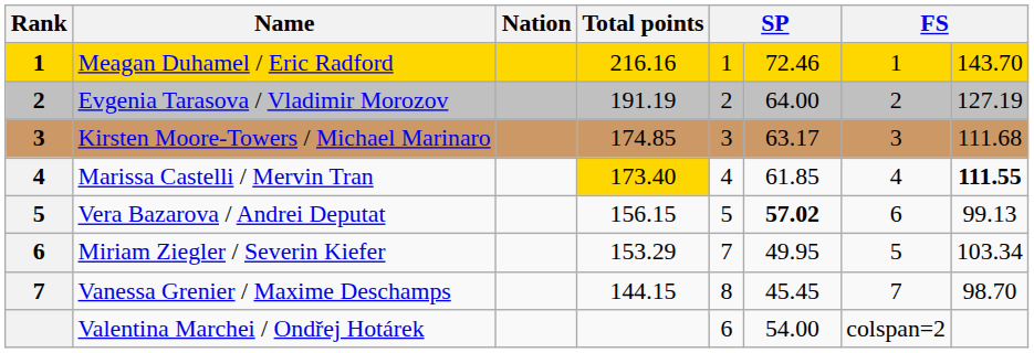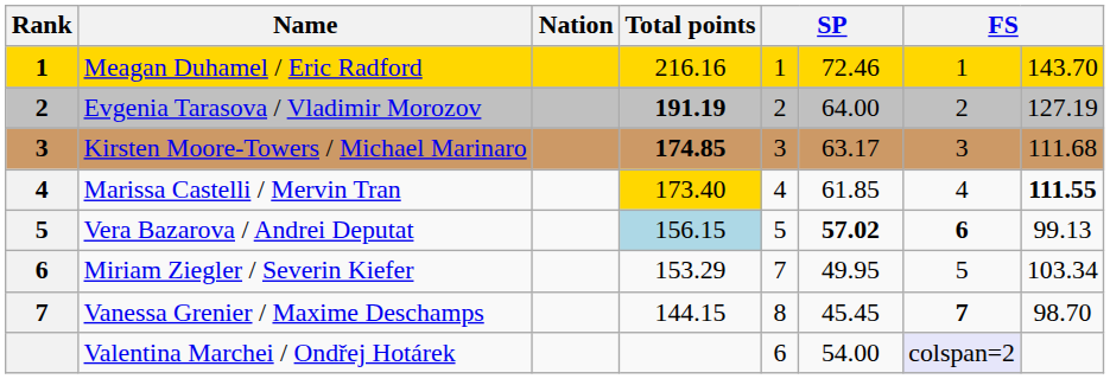 <table class="wikitable sortable">
 <tr>
 <th>Rank</th>
 <th>Name</th>
 <th>Nation</th>
 <th>Total points</th>
 <th colspan="2" width="80px"><a href='#'>SP</a></th>
 <th colspan="2" width="80px"><a href='#'>FS</a></th>
 </tr>
 <tr bgcolor="gold">
 <td align="center"><strong>1</strong></td>
 <td><a href='#'>Meagan Duhamel</a> / <a href='#'>Eric Radford</a></td>
 <td></td>
 <td align="center">216.16</td>
 <td align="center">1</td>
 <td align="center">72.46</td>
 <td align="center">1</td>
 <td align="center">143.70</td>
 </tr>
 <tr bgcolor="silver">
 <td align="center"><strong>2</strong></td>
 <td><a href='#'>Evgenia Tarasova</a> / <a href='#'>Vladimir Morozov</a></td>
 <td></td>
-<td align="center">191.19</td>
+<td align="center"><strong>191.19</strong></td>
 <td align="center">2</td>
 <td align="center">64.00</td>
 <td align="center">2</td>
 <td align="center">127.19</td>
 </tr>
 <tr bgcolor="cc9966">
 <td align="center"><strong>3</strong></td>
 <td><a href='#'>Kirsten Moore-Towers</a> / <a href='#'>Michael Marinaro</a></td>
 <td></td>
-<td align="center">174.85</td>
+<td align="center"><strong>174.85</strong></td>
 <td align="center">3</td>
 <td align="center">63.17</td>
 <td align="center">3</td>
 <td align="center">111.68</td>
 </tr>
 <tr>
 <th>4</th>
 <td><a href='#'>Marissa Castelli</a> / <a href='#'>Mervin Tran</a></td>
 <td></td>
 <td align="center" style="background: gold;">173.40</td>
 <td align="center">4</td>
 <td align="center">61.85</td>
 <td align="center">4</td>
 <td align="center"><strong>111.55</strong></td>
 </tr>
 <tr>
 <th>5</th>
 <td><a href='#'>Vera Bazarova</a> / <a href='#'>Andrei Deputat</a></td>
 <td></td>
-<td align="center">156.15</td>
+<td align="center" style="background: lightblue;">156.15</td>
 <td align="center">5</td>
 <td align="center"><strong>57.02</strong></td>
-<td align="center">6</td>
+<td align="center"><strong>6</strong></td>
 <td align="center">99.13</td>
 </tr>
 <tr>
 <th>6</th>
 <td><a href='#'>Miriam Ziegler</a> / <a href='#'>Severin Kiefer</a></td>
 <td></td>
 <td align="center">153.29</td>
 <td align="center">7</td>
 <td align="center">49.95</td>
 <td align="center">5</td>
 <td align="center">103.34</td>
 </tr>
 <tr>
 <th>7</th>
 <td><a href='#'>Vanessa Grenier</a> / <a href='#'>Maxime Deschamps</a></td>
 <td></td>
 <td align="center">144.15</td>
 <td align="center">8</td>
 <td align="center">45.45</td>
-<td align="center">7</td>
+<td align="center"><strong>7</strong></td>
 <td align="center">98.70</td>
 </tr>
 <tr>
 <th></th>
 <td><a href='#'>Valentina Marchei</a> / <a href='#'>Ondřej Hotárek</a></td>
 <td></td>
 <td></td>
 <td align="center">6</td>
 <td align="center">54.00</td>
-<td>colspan=2 </td>
+<td style="background: lavender;">colspan=2 </td>
 </tr>
 </table>
